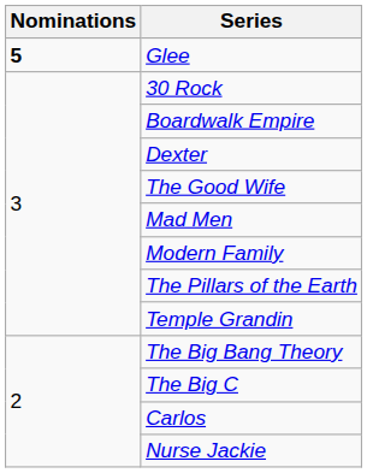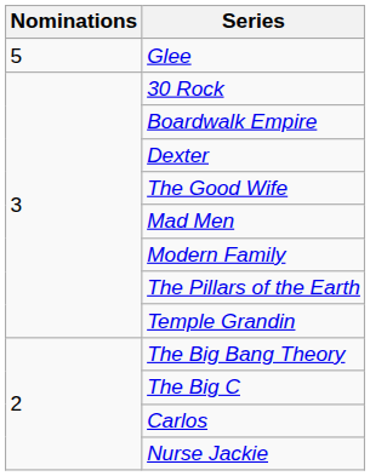 <table class="wikitable">
 <tr>
 <th>Nominations</th>
 <th>Series</th>
 </tr>
 <tr>
-<td><strong>5</strong></td>
+<td>5</td>
 <td><em><a href='#'>Glee</a></em></td>
 </tr>
 <tr>
 <td rowspan="8">3</td>
 <td><em><a href='#'>30 Rock</a></em></td>
 </tr>
 <tr>
 <td><em><a href='#'>Boardwalk Empire</a></em></td>
 </tr>
 <tr>
 <td><em><a href='#'>Dexter</a></em></td>
 </tr>
 <tr>
 <td><em><a href='#'>The Good Wife</a></em></td>
 </tr>
 <tr>
 <td><em><a href='#'>Mad Men</a></em></td>
 </tr>
 <tr>
 <td><em><a href='#'>Modern Family</a></em></td>
 </tr>
 <tr>
 <td><em><a href='#'>The Pillars of the Earth</a></em></td>
 </tr>
 <tr>
 <td><em><a href='#'>Temple Grandin</a></em></td>
 </tr>
 <tr>
 <td rowspan="4">2</td>
 <td><em><a href='#'>The Big Bang Theory</a></em></td>
 </tr>
 <tr>
 <td><em><a href='#'>The Big C</a></em></td>
 </tr>
 <tr>
 <td><a href='#'><em>Carlos</em></a></td>
 </tr>
 <tr>
 <td><em><a href='#'>Nurse Jackie</a></em></td>
 </tr>
 </table>
